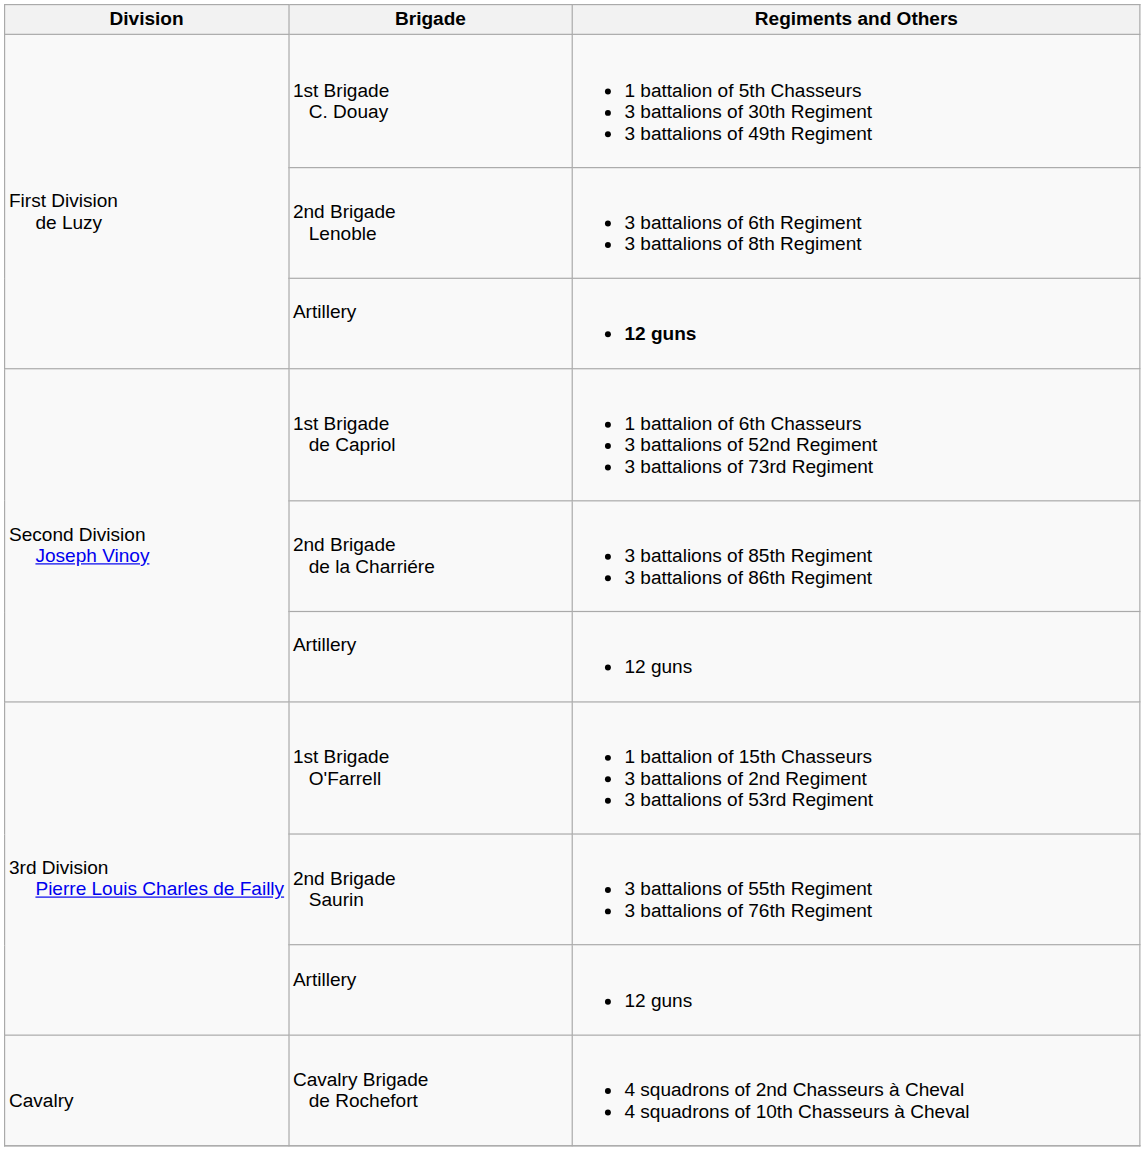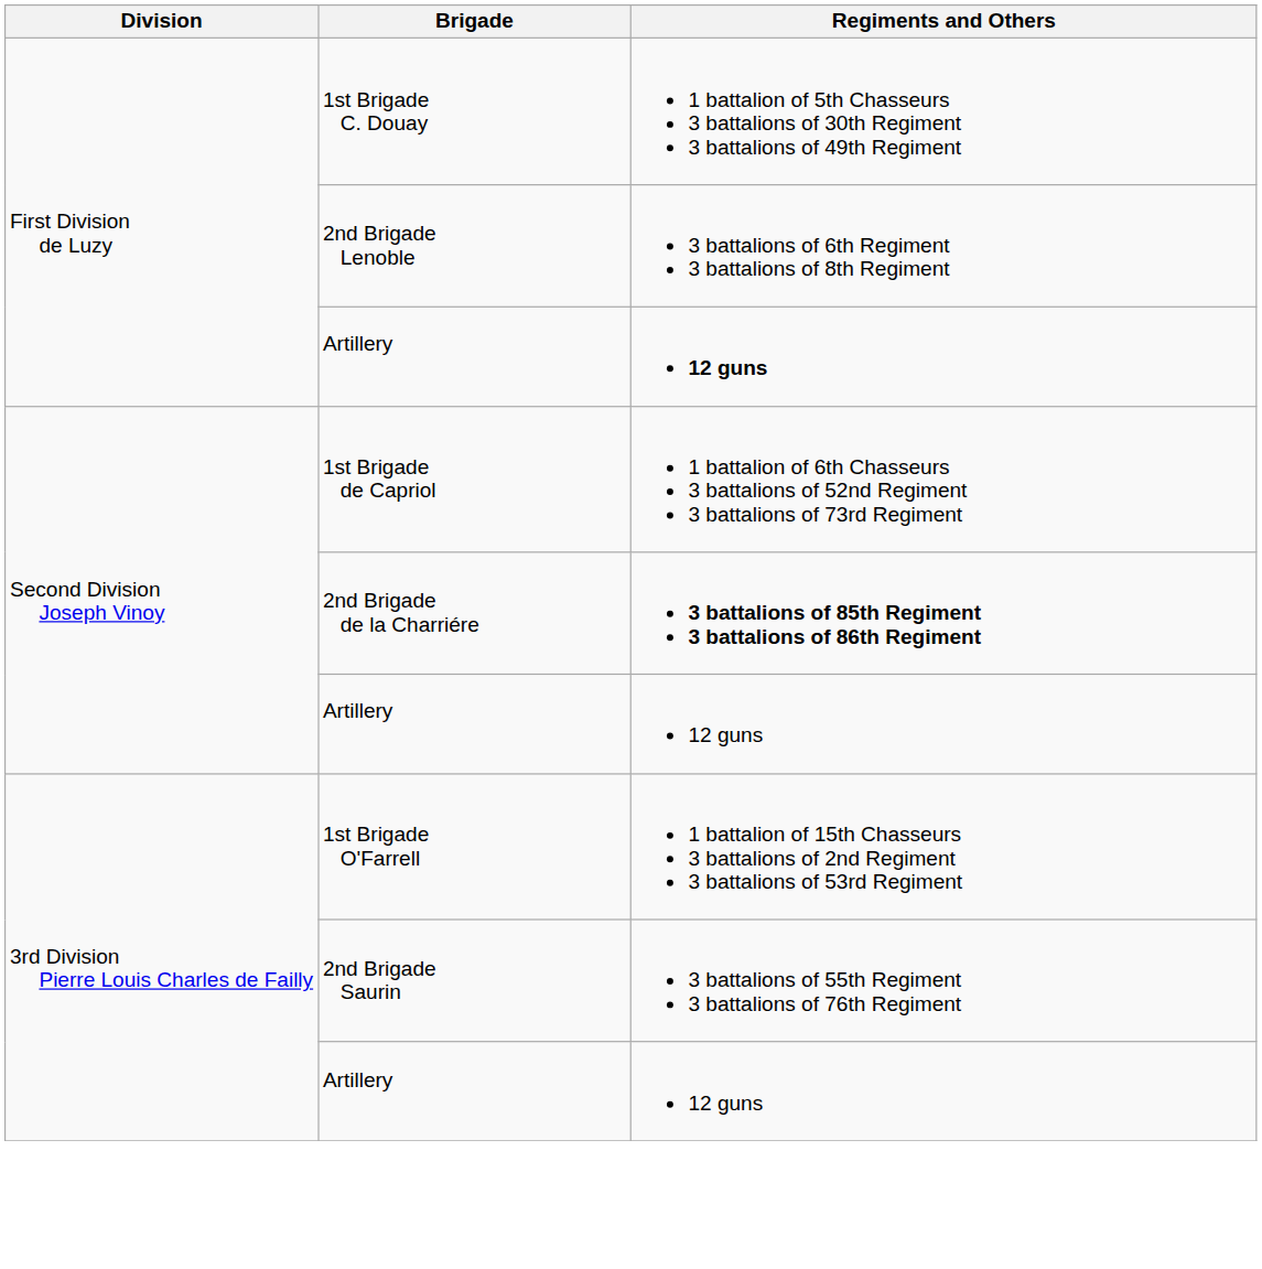 <table class="wikitable">
 <tr>
 <th width=25%>Division</th>
 <th width=25%>Brigade</th>
 <th>Regiments and Others</th>
 </tr>
 <tr>
 <td rowspan=3><br>First Division <br>     de Luzy</td>
 <td>1st Brigade<br>   C. Douay</td>
 <td><br><ul><li>1 battalion of 5th Chasseurs</li><li>3 battalions of 30th Regiment</li><li>3 battalions of 49th Regiment</li></ul></td>
 </tr>
 <tr>
 <td>2nd Brigade<br>   Lenoble</td>
 <td><br><ul><li>3 battalions of 6th Regiment</li><li>3 battalions of 8th Regiment</li></ul></td>
 </tr>
 <tr>
 <td>Artillery<br>  </td>
 <td><strong><br><ul><li>12 guns</li></ul></strong></td>
 </tr>
 <tr>
 <td rowspan=3><br>Second Division <br>     <a href='#'>Joseph Vinoy</a></td>
 <td>1st Brigade<br>   de Capriol</td>
 <td><br><ul><li>1 battalion of 6th Chasseurs</li><li>3 battalions of 52nd Regiment</li><li>3 battalions of 73rd Regiment</li></ul></td>
 </tr>
 <tr>
 <td>2nd Brigade<br>   de la Charriére</td>
-<td><br><ul><li>3 battalions of 85th Regiment</li><li>3 battalions of 86th Regiment</li></ul></td>
+<td><strong><br><ul><li>3 battalions of 85th Regiment</li><li>3 battalions of 86th Regiment</li></ul></strong></td>
 </tr>
 <tr>
 <td>Artillery<br>  </td>
 <td><br><ul><li>12 guns</li></ul></td>
 </tr>
 <tr>
 <td rowspan=3><br>3rd Division <br>     <a href='#'>Pierre Louis Charles de Failly</a></td>
 <td>1st Brigade<br>   O'Farrell</td>
 <td><br><ul><li>1 battalion of 15th Chasseurs</li><li>3 battalions of 2nd Regiment</li><li>3 battalions of 53rd Regiment</li></ul></td>
 </tr>
 <tr>
 <td>2nd Brigade<br>   Saurin</td>
 <td><br><ul><li>3 battalions of 55th Regiment</li><li>3 battalions of 76th Regiment</li></ul></td>
 </tr>
 <tr>
 <td>Artillery<br>  </td>
 <td><br><ul><li>12 guns</li></ul></td>
 </tr>
 <tr>
-<td rowspan=1><br>Cavalry</td>
-<td>Cavalry Brigade<br>   de Rochefort</td>
-<td><br><ul><li>4 squadrons of 2nd Chasseurs à Cheval</li><li>4 squadrons of 10th Chasseurs à Cheval</li></ul></td>
-</tr>
-<tr>
 </tr>
 </table>
